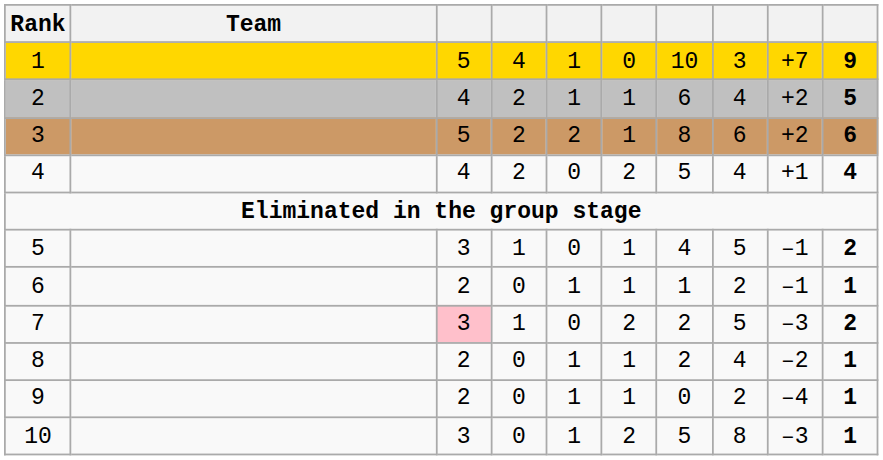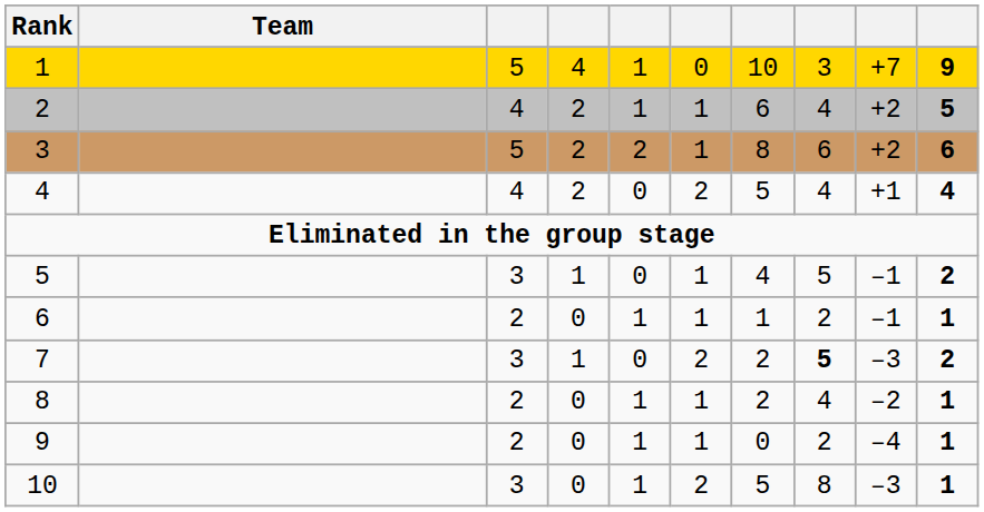 <table class="wikitable" style="text-align:center">
 <tr>
 <th width=20>Rank</th>
 <th width=200>Team</th>
 <th width="25"></th>
 <th width="25"></th>
 <th width="25"></th>
 <th width="25"></th>
 <th width="25"></th>
 <th width="25"></th>
 <th width="25"></th>
 <th width="25"></th>
 </tr>
 <tr style="background:gold;">
 <td>1</td>
 <td style="text-align:left;"></td>
 <td>5</td>
 <td>4</td>
 <td>1</td>
 <td>0</td>
 <td>10</td>
 <td>3</td>
 <td>+7</td>
 <td><strong>9</strong></td>
 </tr>
 <tr style="background:silver;">
 <td>2</td>
 <td style="text-align:left;"></td>
 <td>4</td>
 <td>2</td>
 <td>1</td>
 <td>1</td>
 <td>6</td>
 <td>4</td>
 <td>+2</td>
 <td><strong>5</strong></td>
 </tr>
 <tr style="background:#cc9966;">
 <td>3</td>
 <td style="text-align:left;"></td>
 <td>5</td>
 <td>2</td>
 <td>2</td>
 <td>1</td>
 <td>8</td>
 <td>6</td>
 <td>+2</td>
 <td><strong>6</strong></td>
 </tr>
 <tr>
 <td>4</td>
 <td style="text-align:left;"></td>
 <td>4</td>
 <td>2</td>
 <td>0</td>
 <td>2</td>
 <td>5</td>
 <td>4</td>
 <td>+1</td>
 <td><strong>4</strong></td>
 </tr>
 <tr>
 <td colspan=14><strong>Eliminated in the group stage</strong></td>
 </tr>
 <tr>
 <td>5</td>
 <td style="text-align:left;"></td>
 <td>3</td>
 <td>1</td>
 <td>0</td>
 <td>1</td>
 <td>4</td>
 <td>5</td>
 <td>–1</td>
 <td><strong>2</strong></td>
 </tr>
 <tr>
 <td>6</td>
 <td style="text-align:left;"></td>
 <td>2</td>
 <td>0</td>
 <td>1</td>
 <td>1</td>
 <td>1</td>
 <td>2</td>
 <td>–1</td>
 <td><strong>1</strong></td>
 </tr>
 <tr>
 <td>7</td>
 <td style="text-align:left;"></td>
-<td style="background: pink;">3</td>
+<td>3</td>
 <td>1</td>
 <td>0</td>
 <td>2</td>
 <td>2</td>
-<td>5</td>
+<td><strong>5</strong></td>
 <td>–3</td>
 <td><strong>2</strong></td>
 </tr>
 <tr>
 <td>8</td>
 <td style="text-align:left;"></td>
 <td>2</td>
 <td>0</td>
 <td>1</td>
 <td>1</td>
 <td>2</td>
 <td>4</td>
 <td>–2</td>
 <td><strong>1</strong></td>
 </tr>
 <tr>
 <td>9</td>
 <td style="text-align:left;"></td>
 <td>2</td>
 <td>0</td>
 <td>1</td>
 <td>1</td>
 <td>0</td>
 <td>2</td>
 <td>–4</td>
 <td><strong>1</strong></td>
 </tr>
 <tr>
 <td>10</td>
 <td style="text-align:left;"></td>
 <td>3</td>
 <td>0</td>
 <td>1</td>
 <td>2</td>
 <td>5</td>
 <td>8</td>
 <td>–3</td>
 <td><strong>1</strong></td>
 </tr>
 </table>
